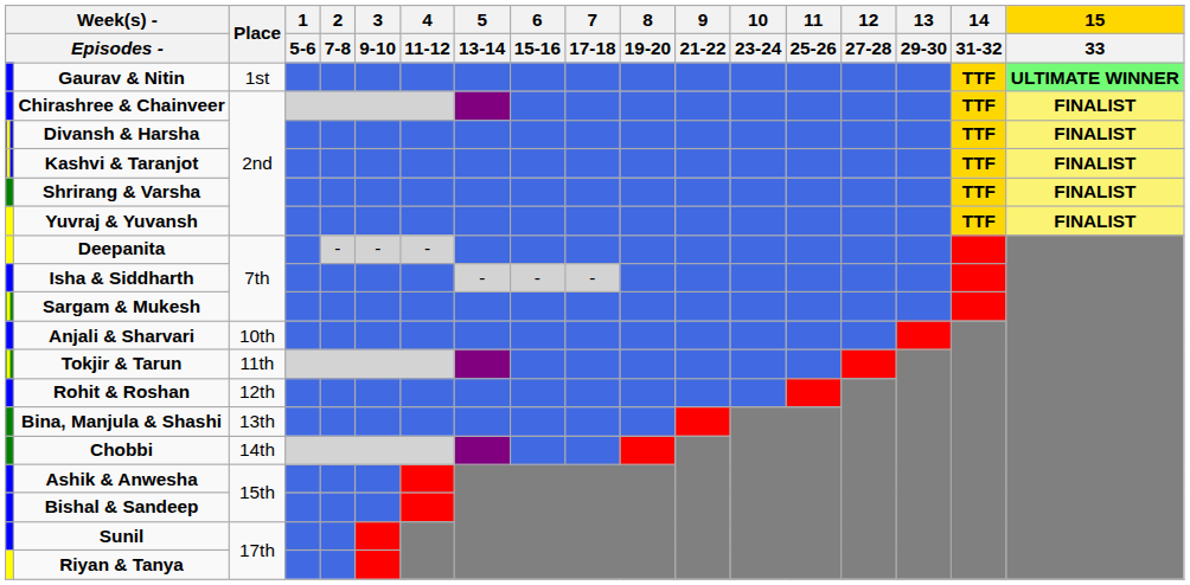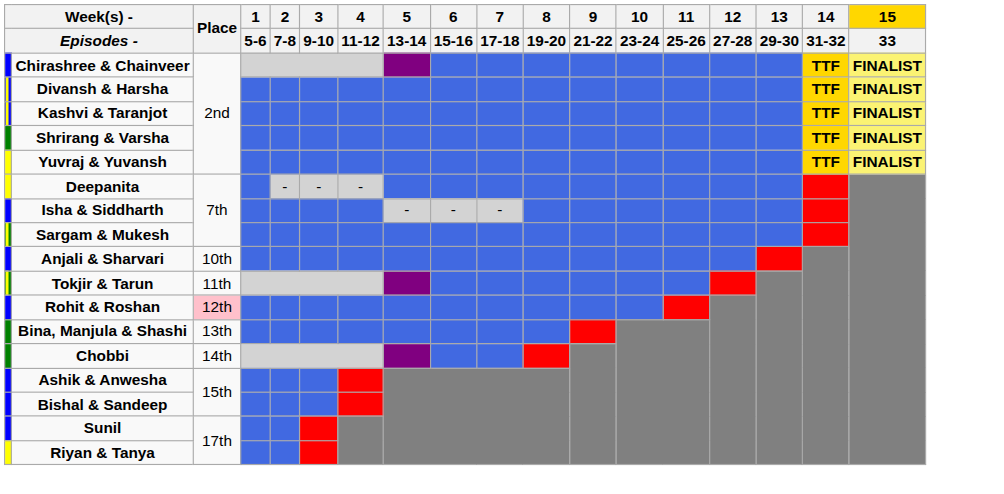 <table class="wikitable" border="2" style="text-align:center; font-size:85%">
 <tr>
 <th colspan="2">Week(s) -</th>
 <th rowspan="2">Place</th>
 <th>1</th>
 <th>2</th>
 <th>3</th>
 <th>4</th>
 <th>5</th>
 <th>6</th>
 <th>7</th>
 <th>8</th>
 <th>9</th>
 <th>10</th>
 <th>11</th>
 <th>12</th>
 <th>13</th>
 <th>14</th>
 <td Bgcolor=gold><strong>15</strong></td>
 </tr>
 <tr>
 <th colspan="2"><em>Episodes -</em></th>
 <th>5-6</th>
 <th>7-8</th>
 <th>9-10</th>
 <th>11-12</th>
 <th>13-14</th>
 <th>15-16</th>
 <th>17-18</th>
 <th>19-20</th>
 <th>21-22</th>
 <th>23-24</th>
 <th>25-26</th>
 <th>27-28</th>
 <th>29-30</th>
 <th>31-32</th>
 <th>33</th>
-</tr>
-<tr>
-<td bgcolor="blue"></td>
-<td><strong>Gaurav & Nitin</strong></td>
-<td>1st</td>
-<td bgcolor="royalblue"><strong></strong></td>
-<td bgcolor="royalblue"><strong></strong></td>
-<td bgcolor="royalblue"><strong></strong></td>
-<td bgcolor="royalblue"><strong></strong></td>
-<td bgcolor="royalblue"><strong></strong></td>
-<td bgcolor="royalblue"><strong></strong></td>
-<td bgcolor="royalblue"><strong></strong></td>
-<td bgcolor="royalblue"><strong></strong></td>
-<td bgcolor="royalblue"><strong></strong></td>
-<td bgcolor="royalblue"><strong></strong></td>
-<td bgcolor="royalblue"><strong></strong></td>
-<td bgcolor="royalblue"><strong></strong></td>
-<td bgcolor="royalblue"><strong></strong></td>
-<td bgcolor="gold"><strong>TTF</strong></td>
-<td style="background:#73FB76;"><strong>ULTIMATE WINNER</strong></td>
 </tr>
 <tr>
 <td bgcolor="blue"></td>
 <td><strong>Chirashree & Chainveer</strong></td>
 <td rowspan="5">2nd</td>
 <td colspan="4" bgcolor="lightgrey"></td>
 <td bgcolor="purple"></td>
 <td bgcolor="royalblue"><strong></strong></td>
 <td bgcolor="royalblue"><strong></strong></td>
 <td bgcolor="royalblue"><strong></strong></td>
 <td bgcolor="royalblue"><strong></strong></td>
 <td bgcolor="royalblue"><strong></strong></td>
 <td bgcolor="royalblue"><strong></strong></td>
 <td bgcolor="royalblue"><strong></strong></td>
 <td bgcolor="royalblue"><strong></strong></td>
 <td bgcolor="gold"><strong>TTF</strong></td>
 <td style="background:#fbf373;"><strong>FINALIST</strong></td>
 </tr>
 <tr>
 <td style="background-image: linear-gradient(to right, yellow 50%, blue 50%);"></td>
 <td><strong>Divansh & Harsha</strong></td>
 <td bgcolor="royalblue"><strong></strong></td>
 <td bgcolor="royalblue"><strong></strong></td>
 <td bgcolor="royalblue"><strong></strong></td>
 <td bgcolor="royalblue"><strong></strong></td>
 <td bgcolor="royalblue"><strong></strong></td>
 <td bgcolor="royalblue"><strong></strong></td>
 <td bgcolor="royalblue"><strong></strong></td>
 <td bgcolor="royalblue"><strong></strong></td>
 <td bgcolor="royalblue"><strong></strong></td>
 <td bgcolor="royalblue"><strong></strong></td>
 <td bgcolor="royalblue"><strong></strong></td>
 <td bgcolor="royalblue"><strong></strong></td>
 <td bgcolor="royalblue"><strong></strong></td>
 <td bgcolor="gold"><strong>TTF</strong></td>
 <td style="background:#fbf373;"><strong>FINALIST</strong></td>
 </tr>
 <tr>
 <td style="background-image: linear-gradient(to right, yellow 50%, blue 50%);"></td>
 <td><strong>Kashvi & Taranjot</strong></td>
 <td bgcolor="royalblue"><strong></strong></td>
 <td bgcolor="royalblue"><strong></strong></td>
 <td bgcolor="royalblue"><strong></strong></td>
 <td bgcolor="royalblue"><strong></strong></td>
 <td bgcolor="royalblue"><strong></strong></td>
 <td bgcolor="royalblue"><strong></strong></td>
 <td bgcolor="royalblue"><strong></strong></td>
 <td bgcolor="royalblue"><strong></strong></td>
 <td bgcolor="royalblue"><strong></strong></td>
 <td bgcolor="royalblue"><strong></strong></td>
 <td bgcolor="royalblue"><strong></strong></td>
 <td bgcolor="royalblue"><strong></strong></td>
 <td bgcolor="royalblue"><strong></strong></td>
 <td bgcolor="gold"><strong>TTF</strong></td>
 <td style="background:#fbf373;"><strong>FINALIST</strong></td>
 </tr>
 <tr>
 <td bgcolor="green"></td>
 <td><strong>Shrirang & Varsha</strong></td>
 <td bgcolor="royalblue"><strong></strong></td>
 <td bgcolor="royalblue"><strong></strong></td>
 <td bgcolor="royalblue"><strong></strong></td>
 <td bgcolor="royalblue"><strong></strong></td>
 <td bgcolor="royalblue"><strong></strong></td>
 <td bgcolor="royalblue"><strong></strong></td>
 <td bgcolor="royalblue"><strong></strong></td>
 <td bgcolor="royalblue"><strong></strong></td>
 <td bgcolor="royalblue"><strong></strong></td>
 <td bgcolor="royalblue"><strong></strong></td>
 <td bgcolor="royalblue"><strong></strong></td>
 <td bgcolor="royalblue"><strong></strong></td>
 <td bgcolor="royalblue"><strong></strong></td>
 <td bgcolor="gold"><strong>TTF</strong></td>
 <td style="background:#fbf373;"><strong>FINALIST</strong></td>
 </tr>
 <tr>
 <td bgcolor="yellow"></td>
 <td><strong>Yuvraj & Yuvansh</strong></td>
 <td bgcolor="royalblue"><strong></strong></td>
 <td bgcolor="royalblue"><strong></strong></td>
 <td bgcolor="royalblue"><strong></strong></td>
 <td bgcolor="royalblue"><strong></strong></td>
 <td bgcolor="royalblue"><strong></strong></td>
 <td bgcolor="royalblue"><strong></strong></td>
 <td bgcolor="royalblue"><strong></strong></td>
 <td bgcolor="royalblue"><strong></strong></td>
 <td bgcolor="royalblue"><strong></strong></td>
 <td bgcolor="royalblue"><strong></strong></td>
 <td bgcolor="royalblue"><strong></strong></td>
 <td bgcolor="royalblue"><strong></strong></td>
 <td bgcolor="royalblue"><strong></strong></td>
 <td bgcolor="gold"><strong>TTF</strong></td>
 <td style="background:#fbf373;"><strong>FINALIST</strong></td>
 </tr>
 <tr>
 <td bgcolor="yellow"></td>
 <td><strong>Deepanita</strong></td>
 <td rowspan="3">7th</td>
 <td bgcolor="royalblue"><strong></strong></td>
 <td bgcolor="lightgrey">-</td>
 <td bgcolor="lightgrey">-</td>
 <td bgcolor="lightgrey">-</td>
 <td bgcolor="royalblue"><strong></strong></td>
 <td bgcolor="royalblue"><strong></strong></td>
 <td bgcolor="royalblue"><strong></strong></td>
 <td bgcolor="royalblue"><strong></strong></td>
 <td bgcolor="royalblue"><strong></strong></td>
 <td bgcolor="royalblue"><strong></strong></td>
 <td bgcolor="royalblue"><strong></strong></td>
 <td bgcolor="royalblue"><strong></strong></td>
 <td bgcolor="royalblue"><strong></strong></td>
 <td bgcolor="red"></td>
 <td rowspan="12" bgcolor="grey"></td>
 </tr>
 <tr>
 <td bgcolor="blue"></td>
 <td><strong>Isha & Siddharth</strong></td>
 <td bgcolor="royalblue"><strong></strong></td>
 <td bgcolor="royalblue"><strong></strong></td>
 <td bgcolor="royalblue"><strong></strong></td>
 <td bgcolor="royalblue"><strong></strong></td>
 <td bgcolor="lightgrey">-</td>
 <td bgcolor="lightgrey">-</td>
 <td bgcolor="lightgrey">-</td>
 <td bgcolor="royalblue"><strong></strong></td>
 <td bgcolor="royalblue"><strong></strong></td>
 <td bgcolor="royalblue"><strong></strong></td>
 <td bgcolor="royalblue"><strong></strong></td>
 <td bgcolor="royalblue"><strong></strong></td>
 <td bgcolor="royalblue"><strong></strong></td>
 <td bgcolor="red"></td>
 </tr>
 <tr>
 <td style="background-image: linear-gradient(to right, yellow 50%, green 50%);"></td>
 <td><strong>Sargam & Mukesh</strong></td>
 <td bgcolor="royalblue"><strong></strong></td>
 <td bgcolor="royalblue"><strong></strong></td>
 <td bgcolor="royalblue"><strong></strong></td>
 <td bgcolor="royalblue"><strong></strong></td>
 <td bgcolor="royalblue"><strong></strong></td>
 <td bgcolor="royalblue"><strong></strong></td>
 <td bgcolor="royalblue"><strong></strong></td>
 <td bgcolor="royalblue"><strong></strong></td>
 <td bgcolor="royalblue"><strong></strong></td>
 <td bgcolor="royalblue"><strong></strong></td>
 <td bgcolor="royalblue"><strong></strong></td>
 <td bgcolor="royalblue"><strong></strong></td>
 <td bgcolor="royalblue"><strong></strong></td>
 <td bgcolor="red"></td>
 </tr>
 <tr>
 <td bgcolor="blue"></td>
 <td><strong>Anjali & Sharvari</strong></td>
 <td>10th</td>
 <td bgcolor="royalblue"><strong></strong></td>
 <td bgcolor="royalblue"><strong></strong></td>
 <td bgcolor="royalblue"><strong></strong></td>
 <td bgcolor="royalblue"><strong></strong></td>
 <td bgcolor="royalblue"><strong></strong></td>
 <td bgcolor="royalblue"><strong></strong></td>
 <td bgcolor="royalblue"><strong></strong></td>
 <td bgcolor="royalblue"><strong></strong></td>
 <td bgcolor="royalblue"><strong></strong></td>
 <td bgcolor="royalblue"><strong></strong></td>
 <td bgcolor="royalblue"><strong></strong></td>
 <td bgcolor="royalblue"><strong></strong></td>
 <td bgcolor="red"></td>
 <td rowspan="9" bgcolor="grey"></td>
 </tr>
 <tr>
 <td style="background-image: linear-gradient(to right, yellow 50%, green 50%);"></td>
 <td><strong>Tokjir & Tarun</strong></td>
 <td>11th</td>
 <td colspan="4" bgcolor="lightgrey"></td>
 <td bgcolor="purple"></td>
 <td bgcolor="royalblue"><strong></strong></td>
 <td bgcolor="royalblue"><strong></strong></td>
 <td bgcolor="royalblue"><strong></strong></td>
 <td bgcolor="royalblue"><strong></strong></td>
 <td bgcolor="royalblue"><strong></strong></td>
 <td bgcolor="royalblue"><strong></strong></td>
 <td bgcolor="red"></td>
 <td rowspan="8" bgcolor="grey"></td>
 </tr>
 <tr>
 <td bgcolor="blue"></td>
 <td><strong>Rohit & Roshan</strong></td>
-<td>12th</td>
+<td style="background: pink;">12th</td>
 <td bgcolor="royalblue"><strong></strong></td>
 <td bgcolor="royalblue"><strong></strong></td>
 <td bgcolor="royalblue"><strong></strong></td>
 <td bgcolor="royalblue"><strong></strong></td>
 <td bgcolor="royalblue"><strong></strong></td>
 <td bgcolor="royalblue"><strong></strong></td>
 <td bgcolor="royalblue"><strong></strong></td>
 <td bgcolor="royalblue"><strong></strong></td>
 <td bgcolor="royalblue"><strong></strong></td>
 <td bgcolor="royalblue"><strong></strong></td>
 <td bgcolor="red"></td>
 <td rowspan="7" bgcolor="grey"></td>
 </tr>
 <tr>
 <td bgcolor="green"></td>
 <td><strong>Bina, Manjula & Shashi</strong></td>
 <td>13th</td>
 <td bgcolor="royalblue"><strong></strong></td>
 <td bgcolor="royalblue"><strong></strong></td>
 <td bgcolor="royalblue"><strong></strong></td>
 <td bgcolor="royalblue"><strong></strong></td>
 <td bgcolor="royalblue"><strong></strong></td>
 <td bgcolor="royalblue"><strong></strong></td>
 <td bgcolor="royalblue"><strong></strong></td>
 <td bgcolor="royalblue"><strong></strong></td>
 <td bgcolor="red"></td>
 <td colspan="2" rowspan="6" bgcolor="grey"></td>
 </tr>
 <tr>
 <td bgcolor="green"></td>
 <td><strong>Chobbi</strong></td>
 <td>14th</td>
 <td colspan="4" bgcolor="lightgrey"></td>
 <td bgcolor="purple"></td>
 <td bgcolor="royalblue"><strong></strong></td>
 <td bgcolor="royalblue"><strong></strong></td>
 <td bgcolor="red"></td>
 <td rowspan="5" bgcolor="grey"></td>
 </tr>
 <tr>
 <td bgcolor="blue"></td>
 <td><strong>Ashik & Anwesha</strong></td>
 <td rowspan="2">15th</td>
 <td bgcolor="royalblue"><strong></strong></td>
 <td bgcolor="royalblue"><strong></strong></td>
 <td bgcolor="royalblue"><strong></strong></td>
 <td bgcolor="red"></td>
 <td colspan="4" rowspan="4" bgcolor="grey"></td>
 </tr>
 <tr>
 <td bgcolor="blue"></td>
 <td><strong>Bishal & Sandeep</strong></td>
 <td bgcolor="royalblue"><strong></strong></td>
 <td bgcolor="royalblue"><strong></strong></td>
 <td bgcolor="royalblue"><strong></strong></td>
 <td bgcolor="red"></td>
 </tr>
 <tr>
 <td bgcolor="blue"></td>
 <td><strong>Sunil</strong></td>
 <td rowspan="2">17th</td>
 <td bgcolor="royalblue"><strong></strong></td>
 <td bgcolor="royalblue"><strong></strong></td>
 <td bgcolor="red"></td>
 <td rowspan="2" bgcolor="grey"></td>
 </tr>
 <tr>
 <td bgcolor="yellow"></td>
 <td><strong>Riyan & Tanya</strong></td>
 <td bgcolor="royalblue"><strong></strong></td>
 <td bgcolor="royalblue"><strong></strong></td>
 <td bgcolor="red"></td>
 </tr>
 </table>
